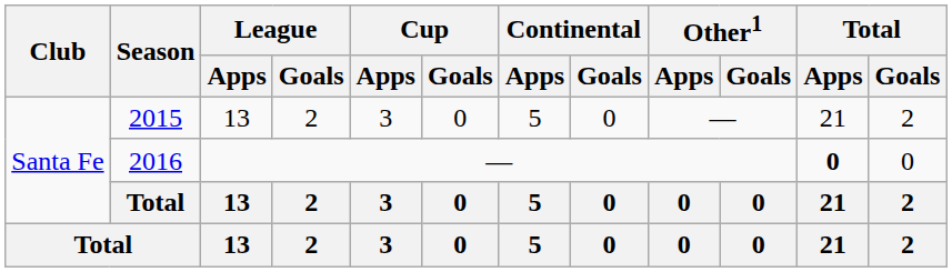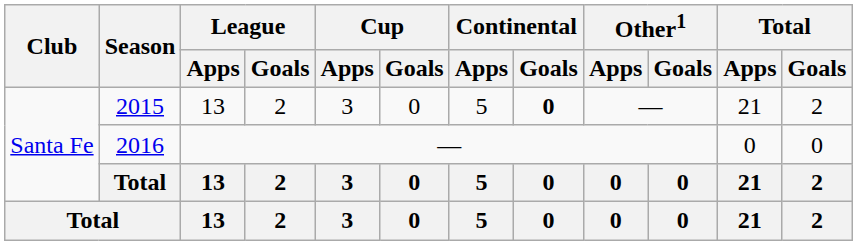 <table class="wikitable" style="text-align: center">
 <tr>
 <th rowspan=2>Club</th>
 <th rowspan=2>Season</th>
 <th colspan=2>League</th>
 <th colspan=2>Cup</th>
 <th colspan=2>Continental</th>
 <th colspan=2>Other<sup>1</sup></th>
 <th colspan=2>Total</th>
 </tr>
 <tr>
 <th>Apps</th>
 <th>Goals</th>
 <th>Apps</th>
 <th>Goals</th>
 <th>Apps</th>
 <th>Goals</th>
 <th>Apps</th>
 <th>Goals</th>
 <th>Apps</th>
 <th>Goals</th>
 </tr>
 <tr>
 <td rowspan=3><a href='#'>Santa Fe</a></td>
 <td><a href='#'>2015</a></td>
 <td>13</td>
 <td>2</td>
 <td>3</td>
 <td>0</td>
 <td>5</td>
-<td>0</td>
+<td><strong>0</strong></td>
 <td colspan="2">—</td>
 <td>21</td>
 <td>2</td>
 </tr>
 <tr>
 <td><a href='#'>2016</a></td>
 <td colspan="8">—</td>
-<td><strong>0</strong></td>
+<td>0</td>
 <td>0</td>
 </tr>
 <tr>
 <th>Total</th>
 <th>13</th>
 <th>2</th>
 <th>3</th>
 <th>0</th>
 <th>5</th>
 <th>0</th>
 <th>0</th>
 <th>0</th>
 <th>21</th>
 <th>2</th>
 </tr>
 <tr>
 <th colspan=2>Total</th>
 <th>13</th>
 <th>2</th>
 <th>3</th>
 <th>0</th>
 <th>5</th>
 <th>0</th>
 <th>0</th>
 <th>0</th>
 <th>21</th>
 <th>2</th>
 </tr>
 </table>
